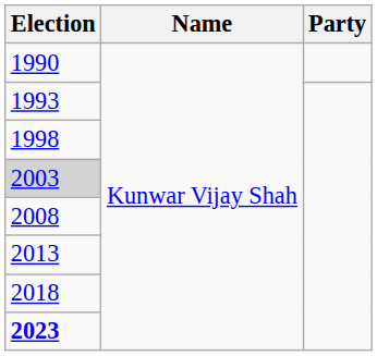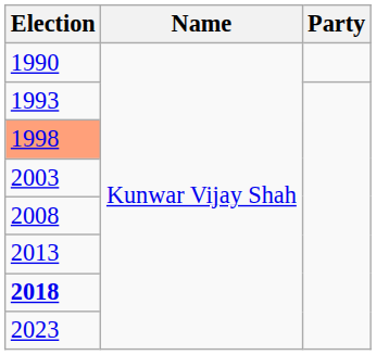 <table class="wikitable sortable">
 <tr>
 <th>Election</th>
 <th>Name</th>
 <th colspan=2>Party</th>
 </tr>
 <tr>
 <td><a href='#'>1990</a></td>
 <td rowspan=8><a href='#'>Kunwar Vijay Shah</a></td>
 <td></td>
 </tr>
 <tr>
 <td><a href='#'>1993</a></td>
 </tr>
 <tr>
-<td><a href='#'>1998</a></td>
+<td style="background: lightsalmon;"><a href='#'>1998</a></td>
 </tr>
 <tr>
-<td style="background: lightgrey;"><a href='#'>2003</a></td>
+<td><a href='#'>2003</a></td>
 </tr>
 <tr>
 <td><a href='#'>2008</a></td>
 </tr>
 <tr>
 <td><a href='#'>2013</a></td>
 </tr>
 <tr>
-<td><a href='#'>2018</a></td>
+<td><strong><a href='#'>2018</a></strong></td>
 </tr>
 <tr>
-<td><strong><a href='#'>2023</a></strong></td>
+<td><a href='#'>2023</a></td>
 </tr>
 </table>
